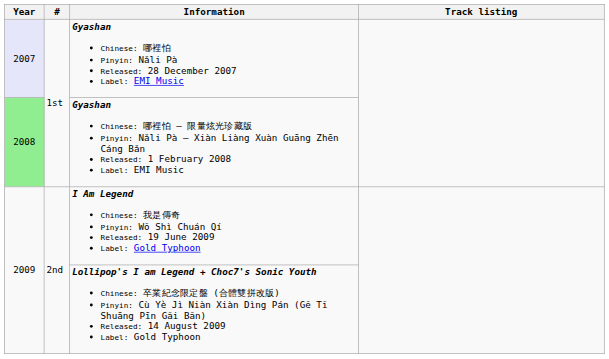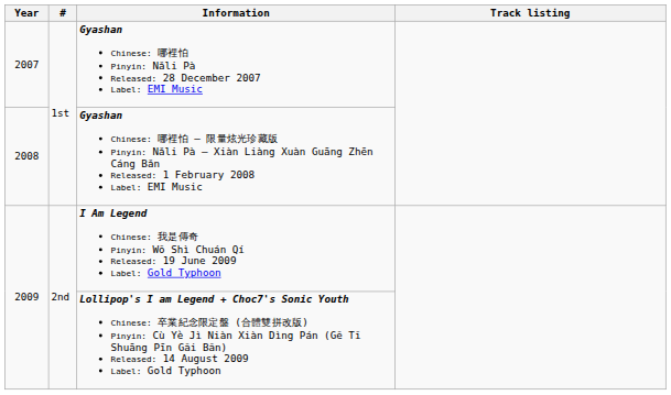 <table class="wikitable">
 <tr>
 <th style="width:50px;">Year</th>
 <th style="width:30px;">#</th>
 <th style="width:400px;">Information</th>
 <th style="width:340px;">Track listing</th>
 </tr>
 <tr>
-<td style="background: lavender; text-align:center">2007</td>
+<td style="text-align:center">2007</td>
 <td rowspan="2">1st</td>
 <td><strong><em>Gyashan</em></strong><br><ul><li><small>Chinese:</small> 哪裡怕</li><li><small>Pinyin:</small> Nǎli Pà</li><li><small>Released:</small> 28 December 2007</li><li><small>Label:</small> <a href='#'>EMI Music</a></li></ul></td>
 <td rowspan="2" style="font-size: 85%;"></td>
 </tr>
 <tr>
-<td style="background: lightgreen; text-align:center">2008</td>
+<td style="text-align:center">2008</td>
 <td><strong><em>Gyashan</em></strong><br><ul><li><small>Chinese:</small> 哪裡怕 – 限量炫光珍藏版</li><li><small>Pinyin:</small> Nǎli Pà – Xiàn Liàng Xuàn Guāng Zhēn Cáng Bǎn</li><li><small>Released:</small> 1 February 2008</li><li><small>Label:</small> EMI Music</li></ul></td>
 </tr>
 <tr>
 <td rowspan="2" style="text-align:center">2009</td>
 <td rowspan="2">2nd</td>
 <td><strong><em>I Am Legend</em></strong><br><ul><li><small>Chinese:</small> 我是傳奇</li><li><small>Pinyin:</small> Wŏ Shì Chuán Qí</li><li><small>Released:</small> 19 June 2009</li><li><small>Label:</small> <a href='#'>Gold Typhoon</a></li></ul></td>
 <td rowspan="2" style="font-size: 85%;"></td>
 </tr>
 <tr>
 <td><strong><em>Lollipop's I am Legend + Choc7's Sonic Youth</em></strong><br><ul><li><small>Chinese:</small> 卒業紀念限定盤 (合體雙拼改版)</li><li><small>Pinyin:</small> Cù Yè Jì Niàn Xiàn Dìng Pán (Gĕ Tĭ Shuāng Pīn Găi Băn)</li><li><small>Released:</small> 14 August 2009</li><li><small>Label:</small> Gold Typhoon</li></ul></td>
 </tr>
 </table>
